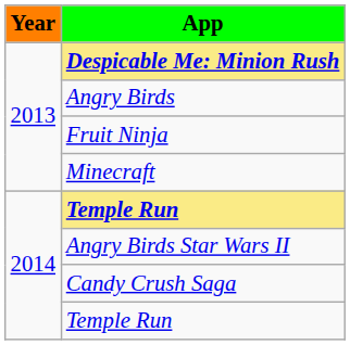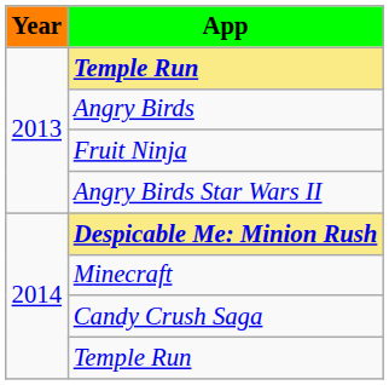 <table class="wikitable" style="font-size:90%;">
 <tr>
 <th style="background:#FF7F00;">Year</th>
 <th style="background:#00FF00;">App</th>
 </tr>
 <tr>
 <td rowspan="4"><a href='#'>2013</a></td>
-<td style="background:#FAEB86;"><strong><em><a href='#'>Despicable Me: Minion Rush</a></em></strong> </td>
+<td style="background:#FAEB86;"><strong><em><a href='#'>Temple Run</a></em></strong> </td>
 </tr>
 <tr>
 <td><em><a href='#'>Angry Birds</a></em></td>
 </tr>
 <tr>
 <td><em><a href='#'>Fruit Ninja</a></em></td>
 </tr>
 <tr>
-<td><em><a href='#'>Minecraft</a></em></td>
+<td><em><a href='#'>Angry Birds Star Wars II</a></em></td>
 </tr>
 <tr>
 <td rowspan="4"><a href='#'>2014</a></td>
-<td style="background:#FAEB86;"><strong><em><a href='#'>Temple Run</a></em></strong> </td>
+<td style="background:#FAEB86;"><strong><em><a href='#'>Despicable Me: Minion Rush</a></em></strong> </td>
 </tr>
 <tr>
-<td><em><a href='#'>Angry Birds Star Wars II</a></em></td>
+<td><em><a href='#'>Minecraft</a></em></td>
 </tr>
 <tr>
 <td><em><a href='#'>Candy Crush Saga</a></em></td>
 </tr>
 <tr>
 <td><em><a href='#'>Temple Run</a></em></td>
 </tr>
 </table>
